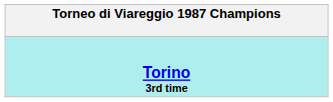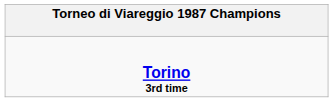 <table class="wikitable" style="margin: 0 auto; width: 30%;">
 <tr>
 <th><big>Torneo di Viareggio 1987 Champions</big><br><br></th>
 </tr>
 <tr>
-<td align=center style="background: paleturquoise;"><br><br><big><big><strong><a href='#'>Torino</a></strong><br></big></big><strong>3rd time</strong></td>
+<td align=center><br><br><big><big><strong><a href='#'>Torino</a></strong><br></big></big><strong>3rd time</strong></td>
 </tr>
 </table>
